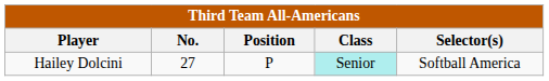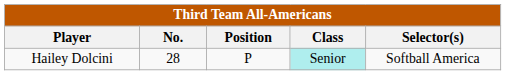 <table class="wikitable" style="text-align:center">
 <tr>
 <td colspan="5" style= "background: #BF5700; color:white"><strong>Third Team All-Americans</strong></td>
 </tr>
 <tr>
 <th style="width:150px; ">Player</th>
 <th style="width:70px; ">No.</th>
 <th style="width:90px; ">Position</th>
 <th style="width:80px; ">Class</th>
 <th style="width:150px; ">Selector(s)</th>
 </tr>
 <tr>
 <td>Hailey Dolcini</td>
-<td>27</td>
+<td>28</td>
 <td>P</td>
 <td style="background: paleturquoise;">Senior</td>
 <td>Softball America</td>
 </tr>
 </table>
